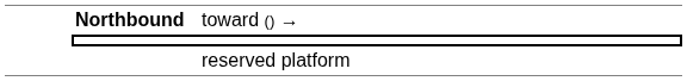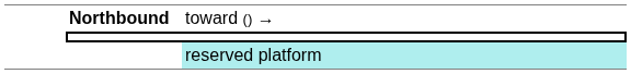 <table table border=0 cellspacing=0 cellpadding=3>
 <tr>
 <td style="border-top:solid 1px gray;border-bottom:solid 1px gray;" width=50 rowspan=3 valign=top></td>
 <td style="border-top:solid 1px gray;" width=100><strong>Northbound</strong></td>
 <td style="border-top:solid 1px gray;" width=400> toward  <small>()</small> →</td>
 </tr>
 <tr>
 <td style="border-top:solid 2px black;border-right:solid 2px black;border-left:solid 2px black;border-bottom:solid 2px black;text-align:center;" colspan=2></td>
 </tr>
 <tr>
 <td style="border-bottom:solid 1px gray;"></td>
-<td style="border-bottom:solid 1px gray;"> reserved platform</td>
+<td style="background: paleturquoise; border-bottom:solid 1px gray;"> reserved platform</td>
 </tr>
 </table>
